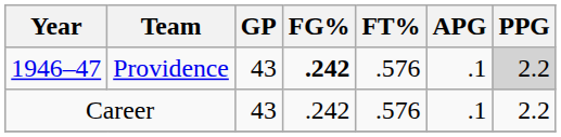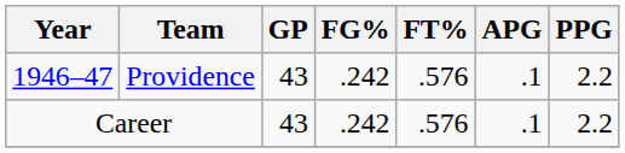 <table class="wikitable sortable" style="font-size:95%; text-align:right;">
 <tr>
 <th>Year</th>
 <th>Team</th>
 <th>GP</th>
 <th>FG%</th>
 <th>FT%</th>
 <th>APG</th>
 <th>PPG</th>
 </tr>
 <tr>
 <td style="text-align:left;"><a href='#'>1946–47</a></td>
 <td style="text-align:left;"><a href='#'>Providence</a></td>
 <td>43</td>
-<td><strong>.242</strong></td>
+<td>.242</td>
 <td>.576</td>
 <td>.1</td>
-<td style="background: lightgrey;">2.2</td>
+<td>2.2</td>
 </tr>
 <tr>
 <td style="text-align:center;" colspan="2">Career</td>
 <td>43</td>
 <td>.242</td>
 <td>.576</td>
 <td>.1</td>
 <td>2.2</td>
 </tr>
 <tr>
 </tr>
 </table>
